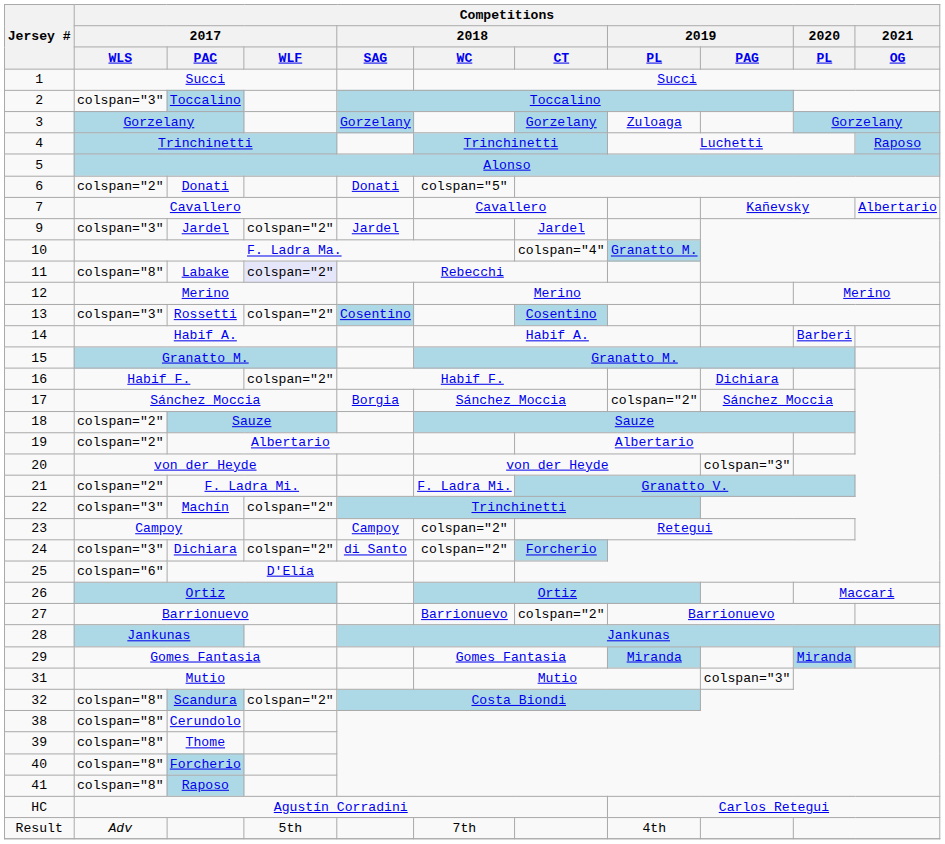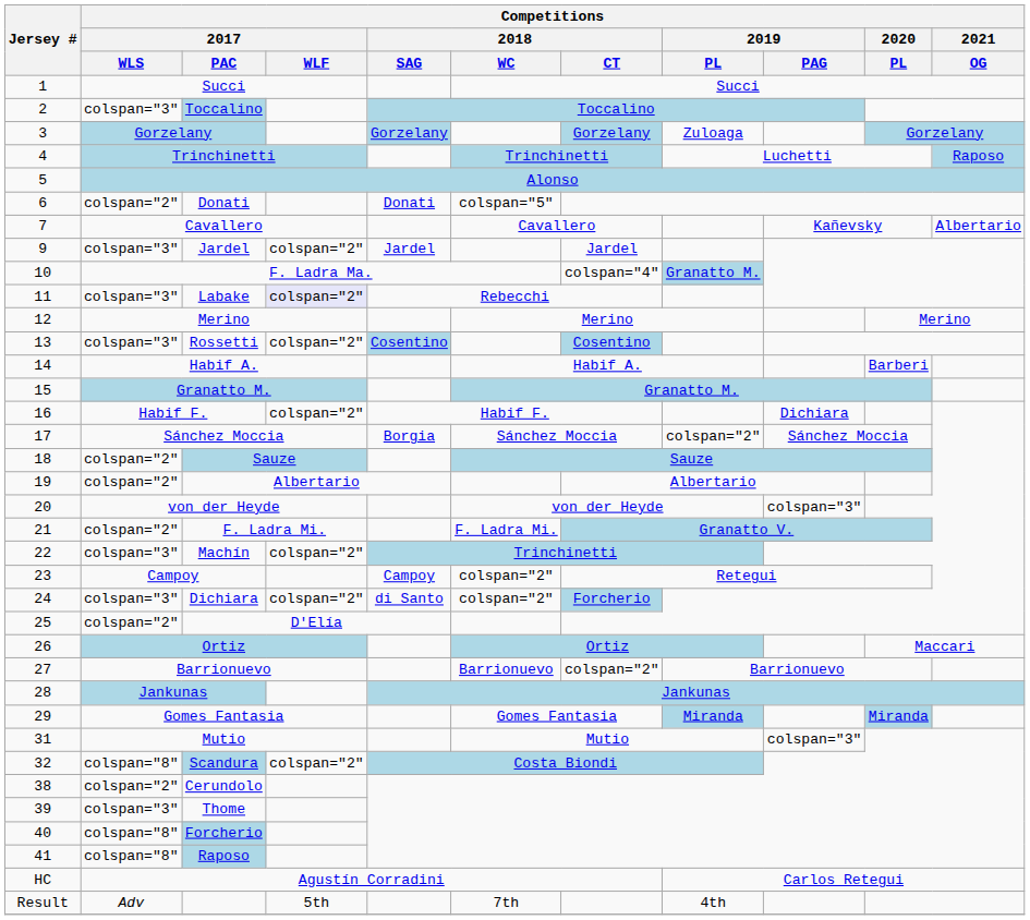 <table class="wikitable" style="text-align:center">
 <tr>
 <th rowspan="3">Jersey #</th>
 <th colspan="10">Competitions</th>
 </tr>
 <tr>
 <th colspan="3">2017</th>
 <th colspan="3">2018</th>
 <th colspan="2">2019</th>
 <th>2020</th>
 <th>2021</th>
 </tr>
 <tr>
 <th><a href='#'>WLS</a></th>
 <th><a href='#'>PAC</a></th>
 <th><a href='#'>WLF</a></th>
 <th><a href='#'>SAG</a></th>
 <th><a href='#'>WC</a></th>
 <th><a href='#'>CT</a></th>
 <th><a href='#'>PL</a></th>
 <th><a href='#'>PAG</a></th>
 <th><a href='#'>PL</a></th>
 <th><a href='#'>OG</a></th>
 </tr>
 <tr>
 <td>1</td>
 <td colspan="3"><a href='#'>Succi</a></td>
 <td></td>
 <td colspan="6"><a href='#'>Succi</a></td>
 </tr>
 <tr>
 <td>2</td>
 <td>colspan="3"</td>
 <td bgcolor="lightblue"><a href='#'>Toccalino</a></td>
 <td></td>
 <td colspan="5"bgcolor="lightblue"><a href='#'>Toccalino</a></td>
 </tr>
 <tr>
 <td>3</td>
 <td colspan="2"bgcolor="lightblue"><a href='#'>Gorzelany</a></td>
 <td></td>
 <td bgcolor="lightblue"><a href='#'>Gorzelany</a></td>
 <td></td>
 <td bgcolor="lightblue"><a href='#'>Gorzelany</a></td>
 <td><a href='#'>Zuloaga</a></td>
 <td></td>
 <td colspan="2"bgcolor="lightblue"><a href='#'>Gorzelany</a></td>
 </tr>
 <tr>
 <td>4</td>
 <td colspan="3"bgcolor="lightblue"><a href='#'>Trinchinetti</a></td>
 <td></td>
 <td colspan="2"bgcolor="lightblue"><a href='#'>Trinchinetti</a></td>
 <td colspan="3"><a href='#'>Luchetti</a></td>
 <td bgcolor="lightblue"><a href='#'>Raposo</a></td>
 </tr>
 <tr>
 <td>5</td>
 <td colspan="10"bgcolor="lightblue"><a href='#'>Alonso</a></td>
 </tr>
 <tr>
 <td>6</td>
 <td>colspan="2"</td>
 <td><a href='#'>Donati</a></td>
 <td></td>
 <td><a href='#'>Donati</a></td>
 <td>colspan="5"</td>
 </tr>
 <tr>
 <td>7</td>
 <td colspan="3"><a href='#'>Cavallero</a></td>
 <td></td>
 <td colspan="2"><a href='#'>Cavallero</a></td>
 <td></td>
 <td colspan="2"><a href='#'>Kañevsky</a></td>
 <td><a href='#'>Albertario</a></td>
 </tr>
 <tr>
 <td>9</td>
 <td>colspan="3"</td>
 <td><a href='#'>Jardel</a></td>
 <td>colspan="2"</td>
 <td><a href='#'>Jardel</a></td>
 <td></td>
 <td><a href='#'>Jardel</a></td>
 <td></td>
 </tr>
 <tr>
 <td>10</td>
 <td colspan="5"><a href='#'>F. Ladra Ma.</a></td>
 <td>colspan="4"</td>
 <td bgcolor="lightblue"><a href='#'>Granatto M.</a></td>
 </tr>
 <tr>
 <td>11</td>
-<td>colspan="8"</td>
+<td>colspan="3"</td>
 <td><a href='#'>Labake</a></td>
 <td style="background: lavender;">colspan="2" </td>
 <td colspan="3"><a href='#'>Rebecchi</a></td>
 <td></td>
 </tr>
 <tr>
 <td>12</td>
 <td colspan="3"><a href='#'>Merino</a></td>
 <td></td>
 <td colspan="3"><a href='#'>Merino</a></td>
 <td></td>
 <td colspan="2"><a href='#'>Merino</a></td>
 </tr>
 <tr>
 <td>13</td>
 <td>colspan="3"</td>
 <td><a href='#'>Rossetti</a></td>
 <td>colspan="2"</td>
 <td bgcolor="lightblue"><a href='#'>Cosentino</a></td>
 <td></td>
 <td bgcolor="lightblue"><a href='#'>Cosentino</a></td>
 <td></td>
 </tr>
 <tr>
 <td>14</td>
 <td colspan="3"><a href='#'>Habif A.</a></td>
 <td></td>
 <td colspan="3"><a href='#'>Habif A.</a></td>
 <td></td>
 <td><a href='#'>Barberi</a></td>
 <td></td>
 </tr>
 <tr>
 <td>15</td>
 <td colspan="3"bgcolor="lightblue"><a href='#'>Granatto M.</a></td>
 <td></td>
 <td colspan="5"bgcolor="lightblue"><a href='#'>Granatto M.</a></td>
 <td></td>
 </tr>
 <tr>
 <td>16</td>
 <td colspan="2"><a href='#'>Habif F.</a></td>
 <td>colspan="2" </td>
 <td colspan="3"><a href='#'>Habif F.</a></td>
 <td></td>
 <td><a href='#'>Dichiara</a></td>
 <td></td>
 </tr>
 <tr>
 <td>17</td>
 <td colspan="3"><a href='#'>Sánchez Moccia</a></td>
 <td><a href='#'>Borgia</a></td>
 <td colspan="2"><a href='#'>Sánchez Moccia</a></td>
 <td>colspan="2"</td>
 <td colspan="2"><a href='#'>Sánchez Moccia</a></td>
 </tr>
 <tr>
 <td>18</td>
 <td>colspan="2"</td>
 <td colspan="2"bgcolor="lightblue"><a href='#'>Sauze</a></td>
 <td></td>
 <td colspan="5"bgcolor="lightblue"><a href='#'>Sauze</a></td>
 </tr>
 <tr>
 <td>19</td>
 <td>colspan="2"</td>
 <td colspan="3"><a href='#'>Albertario</a></td>
 <td></td>
 <td colspan="3"><a href='#'>Albertario</a></td>
 <td></td>
 </tr>
 <tr>
 <td>20</td>
 <td colspan="3"><a href='#'>von der Heyde</a></td>
 <td></td>
 <td colspan="3"><a href='#'>von der Heyde</a></td>
 <td>colspan="3"</td>
 </tr>
 <tr>
 <td>21</td>
 <td>colspan="2"</td>
 <td colspan="2"><a href='#'>F. Ladra Mi.</a></td>
 <td></td>
 <td><a href='#'>F. Ladra Mi.</a></td>
 <td colspan="4"bgcolor="lightblue"><a href='#'>Granatto V.</a></td>
 </tr>
 <tr>
 <td>22</td>
 <td>colspan="3"</td>
 <td><a href='#'>Machín</a></td>
 <td>colspan="2"</td>
 <td colspan="4"bgcolor="lightblue"><a href='#'>Trinchinetti</a></td>
 </tr>
 <tr>
 <td>23</td>
 <td colspan="2"><a href='#'>Campoy</a></td>
 <td></td>
 <td><a href='#'>Campoy</a></td>
 <td>colspan="2"</td>
 <td colspan="4"><a href='#'>Retegui</a></td>
 </tr>
 <tr>
 <td>24</td>
 <td>colspan="3"</td>
 <td><a href='#'>Dichiara</a></td>
 <td>colspan="2"</td>
 <td><a href='#'>di Santo</a></td>
 <td>colspan="2"</td>
 <td bgcolor="lightblue"><a href='#'>Forcherio</a></td>
 </tr>
 <tr>
 <td>25</td>
-<td>colspan="6"</td>
+<td>colspan="2"</td>
 <td colspan="3"><a href='#'>D'Elía</a></td>
 <td></td>
 </tr>
 <tr>
 <td>26</td>
 <td colspan="3"bgcolor="lightblue"><a href='#'>Ortiz</a></td>
 <td></td>
 <td colspan="3"bgcolor="lightblue"><a href='#'>Ortiz</a></td>
 <td></td>
 <td colspan="2"><a href='#'>Maccari</a></td>
 </tr>
 <tr>
 <td>27</td>
 <td colspan="3"><a href='#'>Barrionuevo</a></td>
 <td></td>
 <td><a href='#'>Barrionuevo</a></td>
 <td>colspan="2"</td>
 <td colspan="3"><a href='#'>Barrionuevo</a></td>
 </tr>
 <tr>
 <td>28</td>
 <td colspan="2"bgcolor="lightblue"><a href='#'>Jankunas</a></td>
 <td></td>
 <td colspan="7"bgcolor="lightblue"><a href='#'>Jankunas</a></td>
 </tr>
 <tr>
 <td>29</td>
 <td colspan="3"><a href='#'>Gomes Fantasia</a></td>
 <td></td>
 <td colspan="2"><a href='#'>Gomes Fantasia</a></td>
 <td bgcolor="lightblue"><a href='#'>Miranda</a></td>
 <td></td>
 <td bgcolor="lightblue"><a href='#'>Miranda</a></td>
 <td></td>
 </tr>
 <tr>
 <td>31</td>
 <td colspan="3"><a href='#'>Mutio</a></td>
 <td></td>
 <td colspan="3"><a href='#'>Mutio</a></td>
 <td>colspan="3"</td>
 </tr>
 <tr>
 <td>32</td>
 <td>colspan="8"</td>
 <td bgcolor="lightblue"><a href='#'>Scandura</a></td>
 <td>colspan="2"</td>
 <td colspan="4"bgcolor="lightblue"><a href='#'>Costa Biondi</a></td>
 </tr>
 <tr>
 <td>38</td>
-<td>colspan="8"</td>
+<td>colspan="2"</td>
 <td><a href='#'>Cerundolo</a></td>
 <td></td>
 </tr>
 <tr>
 <td>39</td>
-<td>colspan="8"</td>
+<td>colspan="3"</td>
 <td><a href='#'>Thome</a></td>
 <td></td>
 </tr>
 <tr>
 <td>40</td>
 <td>colspan="8"</td>
 <td bgcolor="lightblue"><a href='#'>Forcherio</a></td>
 <td></td>
 </tr>
 <tr>
 <td>41</td>
 <td>colspan="8"</td>
 <td bgcolor="lightblue"><a href='#'>Raposo</a></td>
 <td></td>
 </tr>
 <tr>
 <td>HC</td>
 <td colspan="6"><a href='#'>Agustín Corradini</a></td>
 <td colspan="4"><a href='#'>Carlos Retegui</a></td>
 </tr>
 <tr>
 <td>Result</td>
 <td><em>Adv</em></td>
 <td></td>
 <td>5th</td>
 <td></td>
 <td>7th</td>
 <td></td>
 <td>4th</td>
 <td></td>
 <td colspan="2"></td>
 </tr>
 <tr>
 </tr>
 </table>
